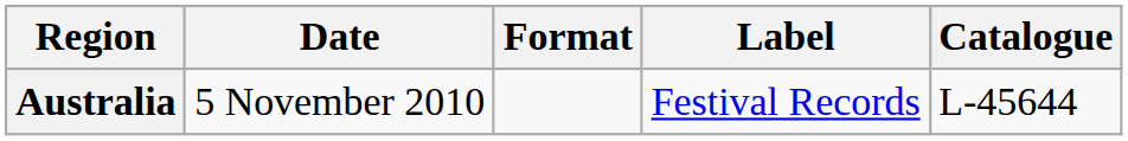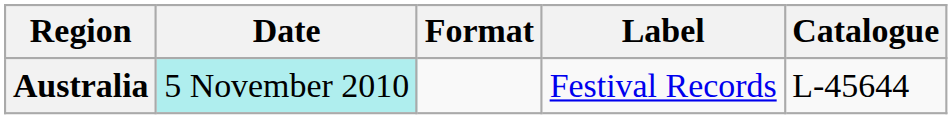 <table class="wikitable plainrowheaders">
 <tr>
 <th scope="col">Region</th>
 <th scope="col">Date</th>
 <th scope="col">Format</th>
 <th scope="col">Label</th>
 <th scope="col">Catalogue</th>
 </tr>
 <tr>
 <th>Australia</th>
-<td>5 November 2010</td>
+<td style="background: paleturquoise;">5 November 2010</td>
 <td rowspan="2"></td>
 <td><a href='#'>Festival Records</a></td>
 <td>L-45644</td>
 </tr>
 </table>
